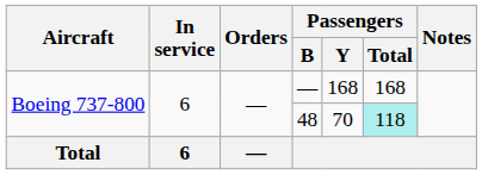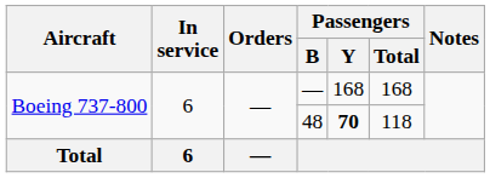 <table class="wikitable" style="margin:0.5em auto; text-align:center">
 <tr>
 <th rowspan=2>Aircraft</th>
 <th rowspan=2>In <br> service</th>
 <th rowspan=2>Orders</th>
 <th colspan=3>Passengers</th>
 <th rowspan=2>Notes</th>
 </tr>
 <tr>
 <th><abbr>B</abbr></th>
 <th><abbr>Y</abbr></th>
 <th>Total</th>
 </tr>
 <tr>
 <td rowspan=2><a href='#'>Boeing 737-800</a></td>
 <td rowspan=2>6</td>
 <td rowspan=2>—</td>
 <td>—</td>
 <td>168</td>
 <td>168</td>
 <td rowspan=2></td>
 </tr>
 <tr>
 <td>48</td>
-<td>70</td>
-<td style="background: paleturquoise;">118</td>
+<td><strong>70</strong></td>
+<td>118</td>
 </tr>
 <tr>
 <th>Total</th>
 <th>6</th>
 <th>—</th>
 <th colspan=4></th>
 </tr>
 </table>
